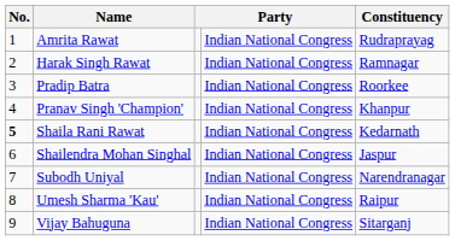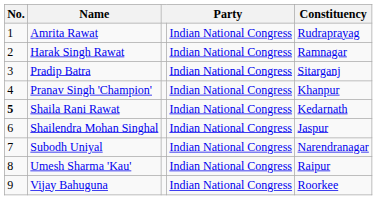 <table class="wikitable sortable">
 <tr>
 <th>No.</th>
 <th>Name</th>
 <th colspan=2>Party</th>
 <th>Constituency</th>
 </tr>
 <tr>
 <td>1</td>
 <td><a href='#'>Amrita Rawat</a></td>
 <td></td>
 <td><a href='#'>Indian National Congress</a></td>
 <td><a href='#'>Rudraprayag</a></td>
 </tr>
 <tr>
 <td>2</td>
 <td><a href='#'>Harak Singh Rawat</a></td>
 <td></td>
 <td><a href='#'>Indian National Congress</a></td>
 <td><a href='#'>Ramnagar</a></td>
 </tr>
 <tr>
 <td>3</td>
 <td><a href='#'>Pradip Batra</a></td>
 <td></td>
 <td><a href='#'>Indian National Congress</a></td>
-<td><a href='#'>Roorkee</a></td>
+<td><a href='#'>Sitarganj</a></td>
 </tr>
 <tr>
 <td>4</td>
 <td><a href='#'>Pranav Singh 'Champion'</a></td>
 <td></td>
 <td><a href='#'>Indian National Congress</a></td>
 <td><a href='#'>Khanpur</a></td>
 </tr>
 <tr>
 <td><strong>5</strong></td>
 <td><a href='#'>Shaila Rani Rawat</a></td>
 <td></td>
 <td><a href='#'>Indian National Congress</a></td>
 <td><a href='#'>Kedarnath</a></td>
 </tr>
 <tr>
 <td>6</td>
 <td><a href='#'>Shailendra Mohan Singhal</a></td>
 <td></td>
 <td><a href='#'>Indian National Congress</a></td>
 <td><a href='#'>Jaspur</a></td>
 </tr>
 <tr>
 <td>7</td>
 <td><a href='#'>Subodh Uniyal</a></td>
 <td></td>
 <td><a href='#'>Indian National Congress</a></td>
 <td><a href='#'>Narendranagar</a></td>
 </tr>
 <tr>
 <td>8</td>
 <td><a href='#'>Umesh Sharma 'Kau'</a></td>
 <td></td>
 <td><a href='#'>Indian National Congress</a></td>
 <td><a href='#'>Raipur</a></td>
 </tr>
 <tr>
 <td>9</td>
 <td><a href='#'>Vijay Bahuguna</a></td>
 <td></td>
 <td><a href='#'>Indian National Congress</a></td>
-<td><a href='#'>Sitarganj</a></td>
+<td><a href='#'>Roorkee</a></td>
 </tr>
 </table>
